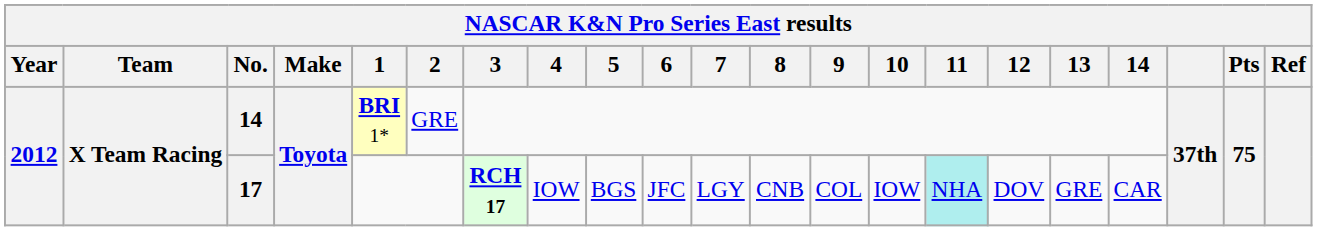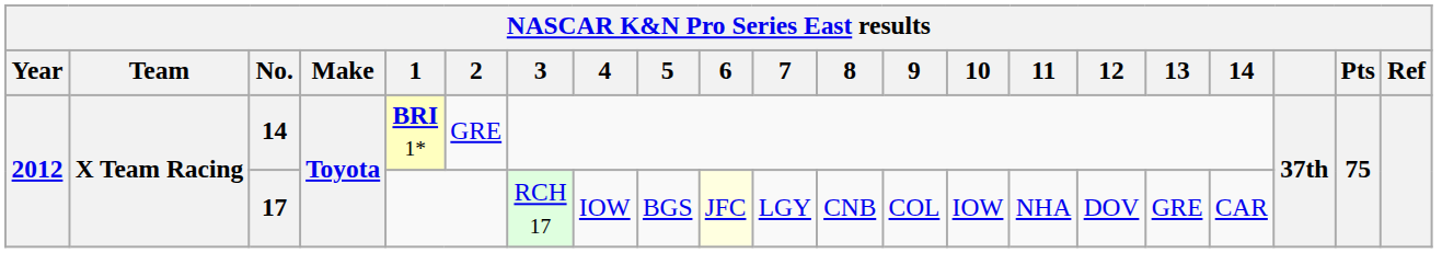 <table class="wikitable" style="text-align:center; font-size:75%">
 <tr>
 <th colspan=45><a href='#'>NASCAR K&N Pro Series East</a> results</th>
 </tr>
 <tr>
 <th>Year</th>
 <th>Team</th>
 <th>No.</th>
 <th>Make</th>
 <th>1</th>
 <th>2</th>
 <th>3</th>
 <th>4</th>
 <th>5</th>
 <th>6</th>
 <th>7</th>
 <th>8</th>
 <th>9</th>
 <th>10</th>
 <th>11</th>
 <th>12</th>
 <th>13</th>
 <th>14</th>
 <th></th>
 <th>Pts</th>
 <th>Ref</th>
 </tr>
 <tr>
 <th rowspan=2><a href='#'>2012</a></th>
 <th rowspan=2 nowrap>X Team Racing</th>
 <th>14</th>
 <th rowspan=2><a href='#'>Toyota</a></th>
 <td style="background:#FFFFBF;"><strong><a href='#'>BRI</a></strong> <br><small>1*</small></td>
 <td><a href='#'>GRE</a></td>
 <td colspan=12></td>
 <th rowspan=2>37th</th>
 <th rowspan=2>75</th>
 <th rowspan=2></th>
 </tr>
 <tr>
 <th>17</th>
 <td colspan=2></td>
-<td style="background:#DFFFDF;"><strong><a href='#'>RCH</a><br><small>17</small></strong></td>
+<td style="background:#DFFFDF;"><a href='#'>RCH</a><br><small>17</small></td>
 <td><a href='#'>IOW</a></td>
 <td><a href='#'>BGS</a></td>
-<td><a href='#'>JFC</a></td>
+<td style="background: lightyellow;"><a href='#'>JFC</a></td>
 <td><a href='#'>LGY</a></td>
 <td><a href='#'>CNB</a></td>
 <td><a href='#'>COL</a></td>
 <td><a href='#'>IOW</a></td>
-<td style="background: paleturquoise;"><a href='#'>NHA</a></td>
+<td><a href='#'>NHA</a></td>
 <td><a href='#'>DOV</a></td>
 <td><a href='#'>GRE</a></td>
 <td><a href='#'>CAR</a></td>
 </tr>
 </table>
